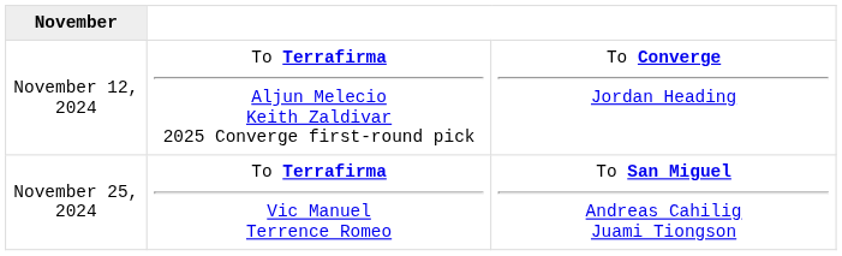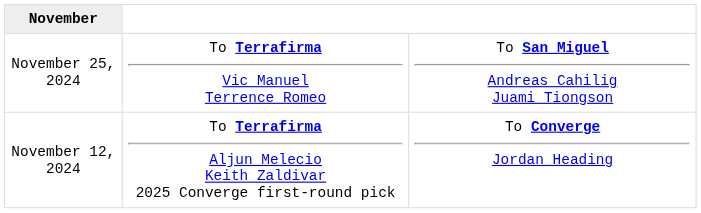 <table border=1 style="border-collapse:collapse; text-align: center; width: 100%" bordercolor="#DFDFDF"  cellpadding="5">
 <tr bgcolor="eeeeee">
 <th>November</th>
+</tr>
+<tr>
+<td style="width:12%">November 25, 2024</td>
+<td style="width:29.3%" valign="top">To <strong><a href='#'>Terrafirma</a></strong><hr><a href='#'>Vic Manuel</a><br><a href='#'>Terrence Romeo</a></td>
+<td style="width:29.3%" valign="top">To <strong><a href='#'>San Miguel</a></strong><hr><a href='#'>Andreas Cahilig</a><br><a href='#'>Juami Tiongson</a></td>
 </tr>
 <tr>
 <td style="width:12%">November 12, 2024</td>
 <td style="width:29.3%" valign="top">To <strong><a href='#'>Terrafirma</a></strong><hr><a href='#'>Aljun Melecio</a><br><a href='#'>Keith Zaldivar</a><br>2025 Converge first-round pick</td>
 <td style="width:29.3%" valign="top">To <strong><a href='#'>Converge</a></strong><hr><a href='#'>Jordan Heading</a></td>
 </tr>
-<tr>
-<td style="width:12%">November 25, 2024</td>
-<td style="width:29.3%" valign="top">To <strong><a href='#'>Terrafirma</a></strong><hr><a href='#'>Vic Manuel</a><br><a href='#'>Terrence Romeo</a></td>
-<td style="width:29.3%" valign="top">To <strong><a href='#'>San Miguel</a></strong><hr><a href='#'>Andreas Cahilig</a><br><a href='#'>Juami Tiongson</a></td>
-</tr>
 </table>
